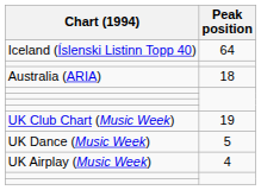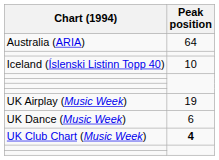 <table class="wikitable sortable plainrowheaders">
 <tr>
 <th scope="col">Chart (1994)</th>
 <th scope="col">Peak<br>position</th>
 </tr>
 <tr>
-<td>Iceland (<a href='#'>Íslenski Listinn Topp 40</a>)</td>
+<td>Australia (<a href='#'>ARIA</a>)</td>
 <td align="center">64</td>
 </tr>
 <tr>
 <td></td>
 </tr>
 <tr>
-<td>Australia (<a href='#'>ARIA</a>)</td>
-<td align="center">18</td>
+<td>Iceland (<a href='#'>Íslenski Listinn Topp 40</a>)</td>
+<td align="center">10</td>
 </tr>
 <tr>
 <td></td>
 </tr>
 <tr>
 <td></td>
 </tr>
 <tr>
 <td></td>
 </tr>
 <tr>
 <td></td>
 </tr>
 <tr>
-<td><a href='#'>UK Club Chart</a> (<em><a href='#'>Music Week</a></em>)</td>
+<td>UK Airplay (<em><a href='#'>Music Week</a></em>)</td>
 <td align="center">19</td>
 </tr>
 <tr>
 <td>UK Dance (<em><a href='#'>Music Week</a></em>)</td>
-<td align="center">5</td>
+<td align="center">6</td>
 </tr>
 <tr>
-<td>UK Airplay (<em><a href='#'>Music Week</a></em>)</td>
-<td align="center">4</td>
+<td><a href='#'>UK Club Chart</a> (<em><a href='#'>Music Week</a></em>)</td>
+<td align="center"><strong>4</strong></td>
 </tr>
 <tr>
 <td></td>
 </tr>
 <tr>
 <td></td>
 </tr>
 </table>
